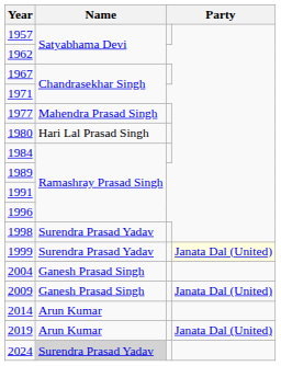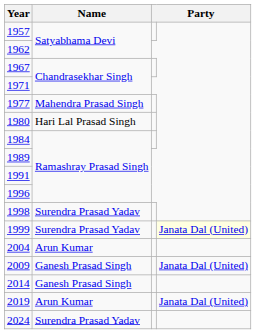 <table class="wikitable">
 <tr>
 <th>Year</th>
 <th>Name</th>
 <th colspan="2">Party</th>
 </tr>
 <tr>
 <td><a href='#'>1957</a></td>
 <td rowspan="2"><a href='#'>Satyabhama Devi</a></td>
 <td></td>
 </tr>
 <tr>
 <td><a href='#'>1962</a></td>
 </tr>
 <tr>
 <td><a href='#'>1967</a></td>
 <td rowspan="2"><a href='#'>Chandrasekhar Singh</a></td>
 <td></td>
 </tr>
 <tr>
 <td><a href='#'>1971</a></td>
 </tr>
 <tr>
 <td><a href='#'>1977</a></td>
 <td><a href='#'>Mahendra Prasad Singh</a></td>
 <td></td>
 </tr>
 <tr>
 <td><a href='#'>1980</a></td>
 <td>Hari Lal Prasad Singh</td>
 <td></td>
 </tr>
 <tr>
 <td><a href='#'>1984</a></td>
 <td rowspan="4"><a href='#'>Ramashray Prasad Singh</a></td>
 <td></td>
 </tr>
 <tr>
 <td><a href='#'>1989</a></td>
 </tr>
 <tr>
 <td><a href='#'>1991</a></td>
 </tr>
 <tr>
 <td><a href='#'>1996</a></td>
 </tr>
 <tr>
 <td><a href='#'>1998</a></td>
 <td><a href='#'>Surendra Prasad Yadav </a></td>
 <td></td>
 </tr>
 <tr>
 <td><a href='#'>1999</a></td>
 <td><a href='#'>Surendra Prasad Yadav</a></td>
 <td style="background-color: "></td>
 <td style="background: lightyellow;"><a href='#'>Janata Dal (United)</a></td>
 </tr>
 <tr>
 <td><a href='#'>2004</a></td>
-<td><a href='#'>Ganesh Prasad Singh</a></td>
+<td><a href='#'>Arun Kumar</a></td>
 <td></td>
 </tr>
 <tr>
 <td><a href='#'>2009</a></td>
 <td><a href='#'>Ganesh Prasad Singh</a></td>
 <td style="background-color: "></td>
 <td><a href='#'>Janata Dal (United)</a></td>
 </tr>
 <tr>
 <td><a href='#'>2014</a></td>
-<td><a href='#'>Arun Kumar</a></td>
+<td><a href='#'>Ganesh Prasad Singh</a></td>
 <td></td>
 </tr>
 <tr>
 <td><a href='#'>2019</a></td>
 <td><a href='#'>Arun Kumar</a></td>
 <td style="background-color: "></td>
 <td><a href='#'>Janata Dal (United)</a></td>
 </tr>
 <tr>
 <td><a href='#'>2024</a></td>
-<td style="background: lightgrey;"><a href='#'>Surendra Prasad Yadav</a></td>
+<td><a href='#'>Surendra Prasad Yadav</a></td>
 <td></td>
 </tr>
 </table>
